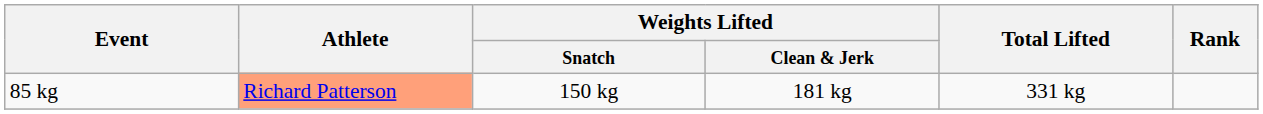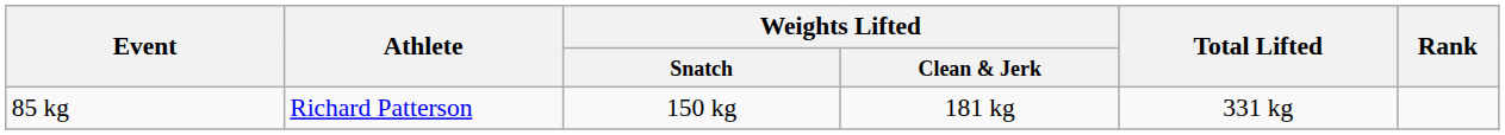 <table class="wikitable" style="font-size:90%">
 <tr>
 <th rowspan="2" width=150>Event</th>
 <th rowspan="2" width=150>Athlete</th>
 <th colspan="2" width=300>Weights Lifted</th>
 <th rowspan="2" width=150>Total Lifted</th>
 <th rowspan="2" width=50>Rank</th>
 </tr>
 <tr>
 <th style="line-height:1em" width=150><small>Snatch</small></th>
 <th style="line-height:1em" width=150><small>Clean & Jerk</small></th>
 </tr>
 <tr>
 <td>85 kg</td>
-<td style="background: lightsalmon;"><a href='#'>Richard Patterson</a></td>
+<td><a href='#'>Richard Patterson</a></td>
 <td align="center">150 kg</td>
 <td align="center">181 kg</td>
 <td align="center">331 kg</td>
 <td align="center"></td>
 </tr>
 </table>
